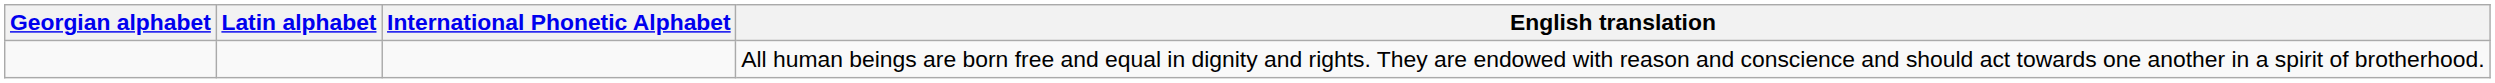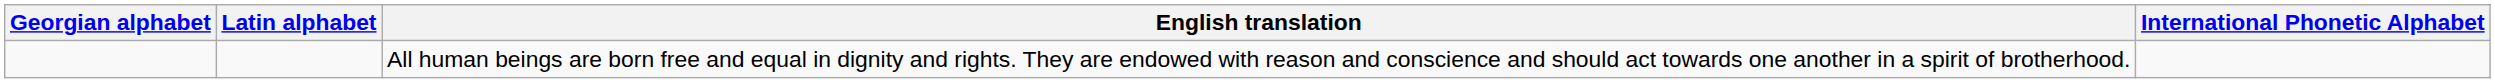 <table class="wikitable">
 <tr>
 <th><a href='#'>Georgian alphabet</a></th>
 <th><a href='#'>Latin alphabet</a></th>
+<th>English translation</th>
 <th><a href='#'>International Phonetic Alphabet</a></th>
-<th>English translation</th>
 </tr>
 <tr style="text-align:center">
 <td></td>
 <td></td>
+<td>All human beings are born free and equal in dignity and rights. They are endowed with reason and conscience and should act towards one another in a spirit of brotherhood.</td>
 <td></td>
-<td>All human beings are born free and equal in dignity and rights. They are endowed with reason and conscience and should act towards one another in a spirit of brotherhood.</td>
 </tr>
 </table>
